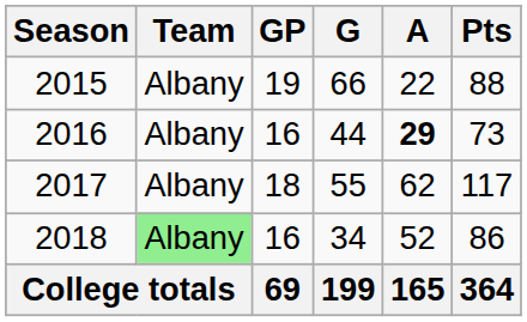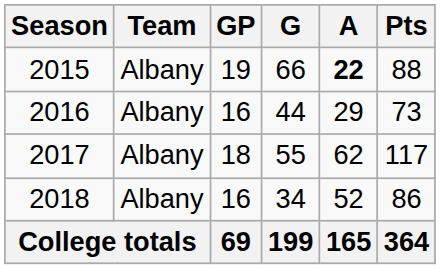 <table class="wikitable" style="text-align:center">
 <tr>
 <th>Season</th>
 <th>Team</th>
 <th>GP</th>
 <th>G</th>
 <th>A</th>
 <th>Pts</th>
 </tr>
 <tr>
 <td>2015</td>
 <td>Albany</td>
 <td>19</td>
 <td>66</td>
-<td>22</td>
+<td><strong>22</strong></td>
 <td>88</td>
 </tr>
 <tr>
 <td>2016</td>
 <td>Albany</td>
 <td>16</td>
 <td>44</td>
-<td><strong>29</strong></td>
+<td>29</td>
 <td>73</td>
 </tr>
 <tr>
 <td>2017</td>
 <td>Albany</td>
 <td>18</td>
 <td>55</td>
 <td>62</td>
 <td>117</td>
 </tr>
 <tr>
 <td>2018</td>
-<td style="background: lightgreen;">Albany</td>
+<td>Albany</td>
 <td>16</td>
 <td>34</td>
 <td>52</td>
 <td>86</td>
 </tr>
 <tr ALIGN="center" bgcolor="#e0e0e0">
 <th colspan="2">College totals</th>
 <th>69</th>
 <th>199</th>
 <th>165</th>
 <th>364</th>
 </tr>
 </table>
